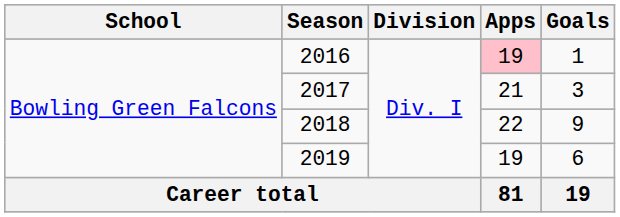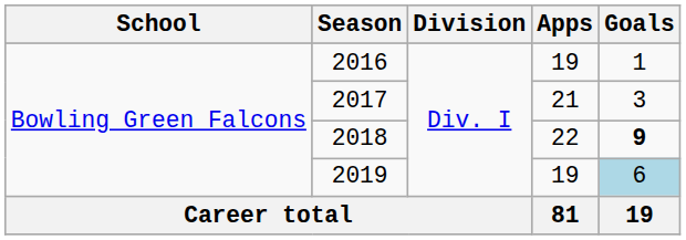 <table class="wikitable" style="text-align: center;">
 <tr>
 <th>School</th>
 <th>Season</th>
 <th>Division</th>
 <th>Apps</th>
 <th>Goals</th>
 </tr>
 <tr>
 <td rowspan="4"><a href='#'>Bowling Green Falcons</a></td>
 <td>2016</td>
 <td rowspan="4"><a href='#'>Div. I</a></td>
-<td style="background: pink;">19</td>
+<td>19</td>
 <td>1</td>
 </tr>
 <tr>
 <td>2017</td>
 <td>21</td>
 <td>3</td>
 </tr>
 <tr>
 <td>2018</td>
 <td>22</td>
-<td>9</td>
+<td><strong>9</strong></td>
 </tr>
 <tr>
 <td>2019</td>
 <td>19</td>
-<td>6</td>
+<td style="background: lightblue;">6</td>
 </tr>
 <tr>
 <th colspan="3">Career total</th>
 <th>81</th>
 <th>19</th>
 </tr>
 </table>
